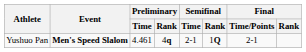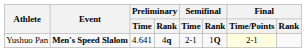 <table class="wikitable" border="1" style="font-size:90%">
 <tr>
 <th rowspan=2>Athlete</th>
 <th rowspan=2>Event</th>
 <th colspan=2>Preliminary</th>
 <th colspan=2>Semifinal</th>
 <th colspan=2>Final</th>
 </tr>
 <tr>
 <th>Time</th>
 <th>Rank</th>
 <th>Time</th>
 <th>Rank</th>
 <th>Time/Points</th>
 <th>Rank</th>
 </tr>
 <tr align=center>
 <td align=left>Yushuo Pan</td>
 <td align=left><strong>Men's Speed Slalom</strong></td>
-<td>4.461</td>
+<td>4.641</td>
 <td>4<strong>q</strong></td>
 <td>2-1</td>
 <td>1<strong>Q</strong></td>
-<td>2-1</td>
+<td style="background: lightyellow;">2-1</td>
 <td></td>
 </tr>
 </table>
